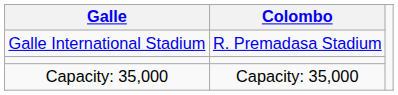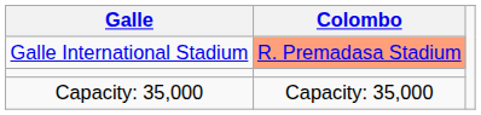 <table class="wikitable" style="text-align:center;margin:1em auto;">
 <tr>
 <th width:"35%"><a href='#'>Galle</a></th>
 <th width:"35%"><a href='#'>Colombo</a></th>
 <td rowspan="4"></td>
 </tr>
 <tr>
 <td><a href='#'>Galle International Stadium</a></td>
-<td><a href='#'>R. Premadasa Stadium</a></td>
+<td style="background: lightsalmon;"><a href='#'>R. Premadasa Stadium</a></td>
 </tr>
 <tr>
 <td></td>
 <td></td>
 </tr>
 <tr>
 <td>Capacity: 35,000</td>
 <td>Capacity: 35,000</td>
 </tr>
 </table>
